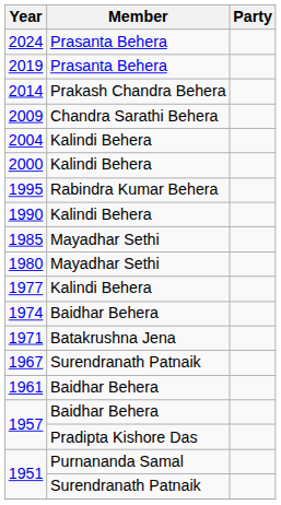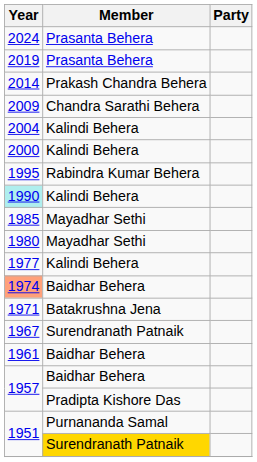 <table class="wikitable sortable">
 <tr>
 <th>Year</th>
 <th>Member</th>
 <th colspan=2>Party</th>
 </tr>
 <tr>
 <td><a href='#'>2024</a></td>
 <td><a href='#'>Prasanta Behera</a></td>
 <td></td>
 </tr>
 <tr>
 <td><a href='#'>2019</a></td>
 <td><a href='#'>Prasanta Behera</a></td>
 <td></td>
 </tr>
 <tr>
 <td><a href='#'>2014</a></td>
 <td>Prakash Chandra Behera</td>
 <td></td>
 </tr>
 <tr>
 <td><a href='#'>2009</a></td>
 <td>Chandra Sarathi Behera</td>
 <td></td>
 </tr>
 <tr>
 <td><a href='#'>2004</a></td>
 <td>Kalindi Behera</td>
 <td></td>
 </tr>
 <tr>
 <td><a href='#'>2000</a></td>
 <td>Kalindi Behera</td>
 <td></td>
 </tr>
 <tr>
 <td><a href='#'>1995</a></td>
 <td>Rabindra Kumar Behera</td>
 <td></td>
 </tr>
 <tr>
-<td><a href='#'>1990</a></td>
+<td style="background: paleturquoise;"><a href='#'>1990</a></td>
 <td>Kalindi Behera</td>
 <td></td>
 </tr>
 <tr>
 <td><a href='#'>1985</a></td>
 <td>Mayadhar Sethi</td>
 <td></td>
 </tr>
 <tr>
 <td><a href='#'>1980</a></td>
 <td>Mayadhar Sethi</td>
 <td></td>
 </tr>
 <tr>
 <td><a href='#'>1977</a></td>
 <td>Kalindi Behera</td>
 <td></td>
 </tr>
 <tr>
-<td><a href='#'>1974</a></td>
+<td style="background: lightsalmon;"><a href='#'>1974</a></td>
 <td>Baidhar Behera</td>
 <td></td>
 </tr>
 <tr>
 <td><a href='#'>1971</a></td>
 <td>Batakrushna Jena</td>
 <td></td>
 </tr>
 <tr>
 <td><a href='#'>1967</a></td>
 <td>Surendranath Patnaik</td>
 <td></td>
 </tr>
 <tr>
 <td><a href='#'>1961</a></td>
 <td>Baidhar Behera</td>
 <td></td>
 </tr>
 <tr>
 <td rowspan="2"><a href='#'>1957</a></td>
 <td>Baidhar Behera</td>
 <td></td>
 </tr>
 <tr>
 <td>Pradipta Kishore Das</td>
 <td></td>
 </tr>
 <tr>
 <td rowspan="2"><a href='#'>1951</a></td>
 <td>Purnananda Samal</td>
 <td></td>
 </tr>
 <tr>
-<td>Surendranath Patnaik</td>
+<td style="background: gold;">Surendranath Patnaik</td>
 <td></td>
 </tr>
 <tr>
 </tr>
 </table>
